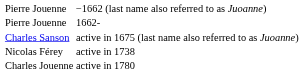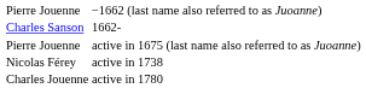 <table>
 <tr>
 <td>Pierre Jouenne</td>
 <td>−1662 (last name also referred to as <em>Juoanne</em>)</td>
 </tr>
 <tr>
-<td>Pierre Jouenne</td>
+<td><a href='#'>Charles Sanson</a></td>
 <td>1662-</td>
 </tr>
 <tr>
-<td><a href='#'>Charles Sanson</a></td>
+<td>Pierre Jouenne</td>
 <td>active in 1675 (last name also referred to as <em>Juoanne</em>)</td>
 </tr>
 <tr>
 <td>Nicolas Férey</td>
 <td>active in 1738</td>
 </tr>
 <tr>
 <td>Charles Jouenne</td>
 <td>active in 1780</td>
 </tr>
 </table>
